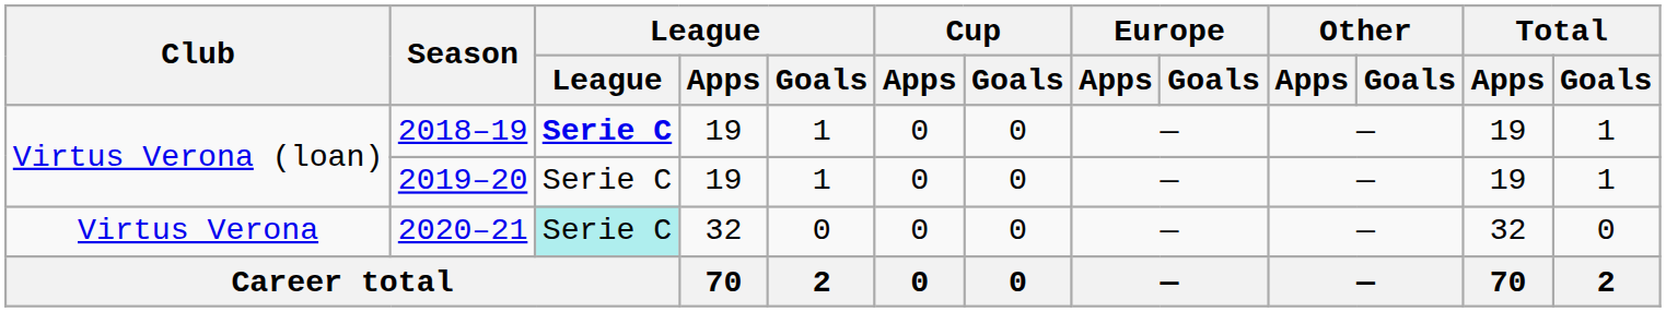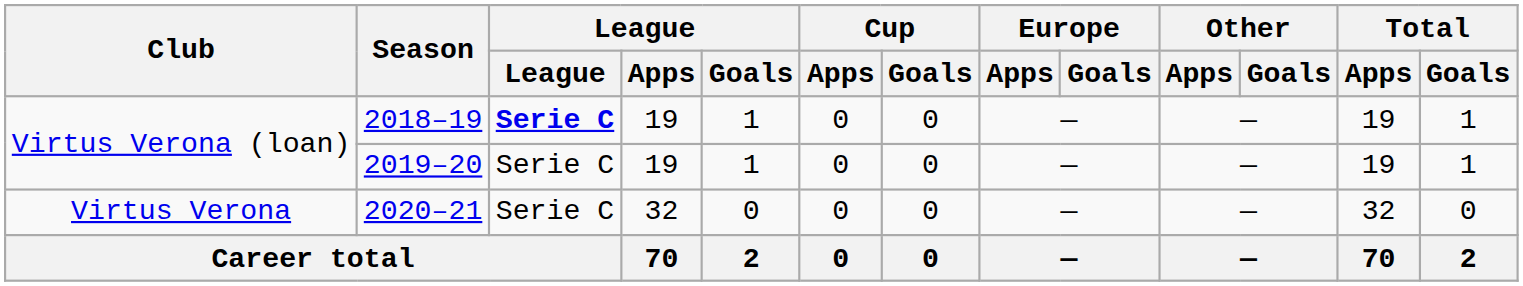 <table class="wikitable" style="text-align: center;">
 <tr>
 <th rowspan="2">Club</th>
 <th rowspan="2">Season</th>
 <th colspan="3">League</th>
 <th colspan="2">Cup</th>
 <th colspan="2">Europe</th>
 <th colspan="2">Other</th>
 <th colspan="2">Total</th>
 </tr>
 <tr>
 <th>League</th>
 <th>Apps</th>
 <th>Goals</th>
 <th>Apps</th>
 <th>Goals</th>
 <th>Apps</th>
 <th>Goals</th>
 <th>Apps</th>
 <th>Goals</th>
 <th>Apps</th>
 <th>Goals</th>
 </tr>
 <tr>
 <td rowspan="2"><a href='#'>Virtus Verona</a> (loan)</td>
 <td><a href='#'>2018–19</a></td>
 <td><strong><a href='#'>Serie C</a></strong></td>
 <td>19</td>
 <td>1</td>
 <td>0</td>
 <td>0</td>
 <td colspan="2">—</td>
 <td colspan="2">—</td>
 <td>19</td>
 <td>1</td>
 </tr>
 <tr>
 <td><a href='#'>2019–20</a></td>
 <td>Serie C</td>
 <td>19</td>
 <td>1</td>
 <td>0</td>
 <td>0</td>
 <td colspan="2">—</td>
 <td colspan="2">—</td>
 <td>19</td>
 <td>1</td>
 </tr>
 <tr>
 <td><a href='#'>Virtus Verona</a></td>
 <td><a href='#'>2020–21</a></td>
-<td style="background: paleturquoise;">Serie C</td>
+<td>Serie C</td>
 <td>32</td>
 <td>0</td>
 <td>0</td>
 <td>0</td>
 <td colspan="2">—</td>
 <td colspan="2">—</td>
 <td>32</td>
 <td>0</td>
 </tr>
 <tr>
 <th colspan="3">Career total</th>
 <th>70</th>
 <th>2</th>
 <th>0</th>
 <th>0</th>
 <th colspan="2">—</th>
 <th colspan="2">—</th>
 <th>70</th>
 <th>2</th>
 </tr>
 </table>
